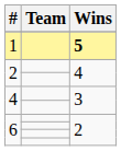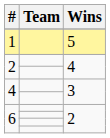 <table class="wikitable sortable">
 <tr>
 <th>#</th>
 <th>Team</th>
 <th>Wins</th>
 </tr>
 <tr>
 </tr>
 <tr style="background:#FFF69F">
 <td rowspan="1">1</td>
 <td style="text-align:left"></td>
-<td rowspan="1"><strong>5</strong></td>
+<td rowspan="1">5</td>
 </tr>
 <tr style="background:#FFF69F">
 </tr>
 <tr>
 <td rowspan="2">2</td>
 <td style="text-align:left"></td>
 <td rowspan="2">4</td>
 </tr>
 <tr>
 <td style="text-align:left"></td>
 </tr>
 <tr>
 <td rowspan="2">4</td>
 <td style="text-align:left"></td>
 <td rowspan="2">3</td>
 </tr>
 <tr>
 <td style="text-align:left"></td>
 </tr>
 <tr>
 <td rowspan="4">6</td>
 <td style="text-align:left"></td>
 <td rowspan="4">2</td>
 </tr>
 <tr>
 <td style="text-align:left"></td>
 </tr>
 <tr>
 <td style="text-align:left"></td>
 </tr>
 <tr>
 <td style="text-align:left"></td>
 </tr>
 </table>
